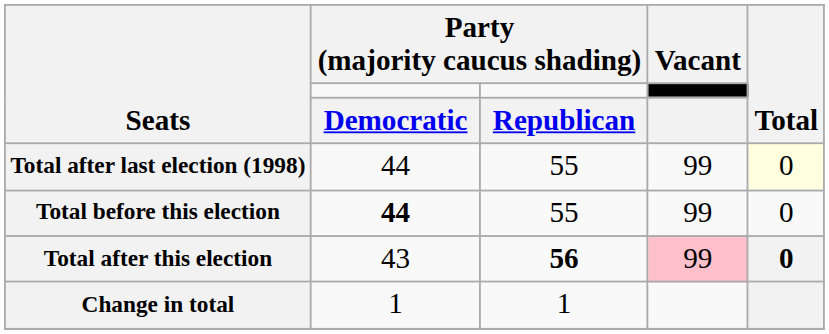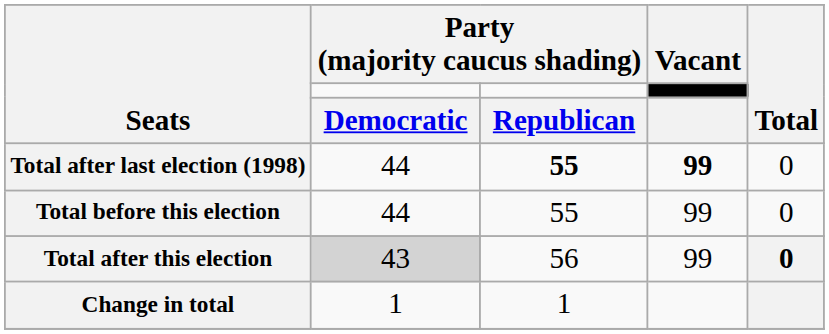 <table class=wikitable style="text-align:center">
 <tr style="vertical-align:bottom;">
 <th rowspan=3>Seats</th>
 <th colspan=2>Party <div>(majority caucus shading)</div></th>
 <th>Vacant</th>
 <th rowspan=3>Total</th>
 </tr>
 <tr style="height:5px">
 <td style="background-color:"></td>
 <td style="background-color:"></td>
 <td style="background: black"></td>
 </tr>
 <tr>
 <th><a href='#'>Democratic</a></th>
 <th><a href='#'>Republican</a></th>
 <th></th>
 </tr>
 <tr>
 <th nowrap style="font-size:80%">Total after last election (1998)</th>
 <td>44</td>
-<td>55</td>
-<td>99</td>
-<td style="background: lightyellow;">0</td>
+<td><strong>55</strong></td>
+<td><strong>99</strong></td>
+<td>0</td>
 </tr>
 <tr>
 <th nowrap style="font-size:80%">Total before this election</th>
-<td><strong>44</strong></td>
+<td>44</td>
 <td>55</td>
 <td>99</td>
 <td>0</td>
 </tr>
 <tr>
 <th nowrap style="font-size:80%">Total after this election</th>
-<td>43</td>
-<td><strong>56</strong></td>
-<td style="background: pink;">99</td>
+<td style="background: lightgrey;">43</td>
+<td>56</td>
+<td>99</td>
 <th>0</th>
 </tr>
 <tr>
 <th nowrap style="font-size:80%">Change in total</th>
 <td> 1</td>
 <td> 1</td>
 <td></td>
 <th></th>
 </tr>
 <tr>
 </tr>
 </table>
